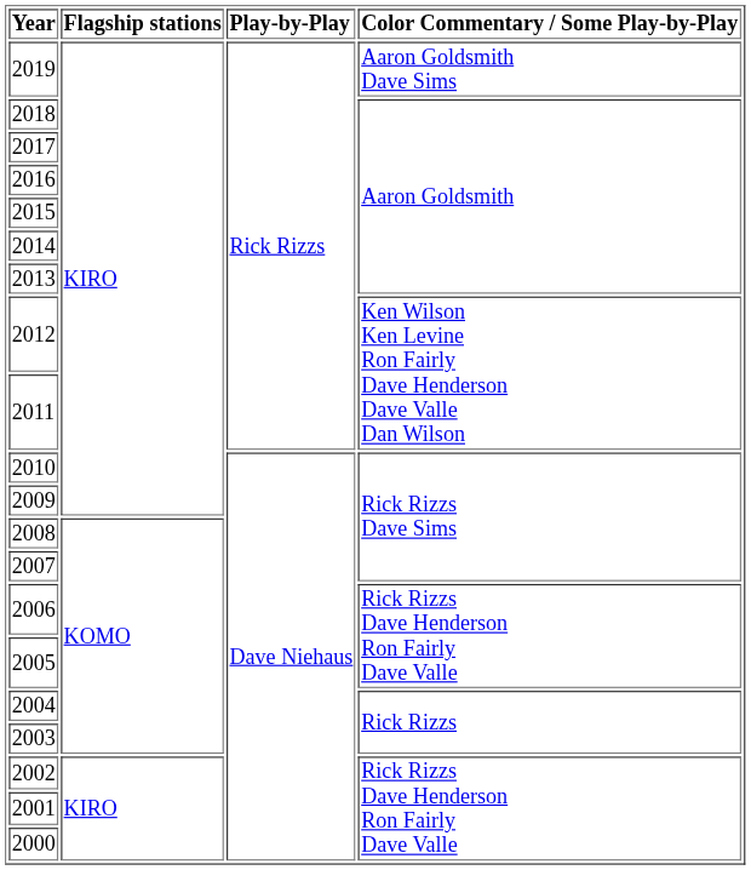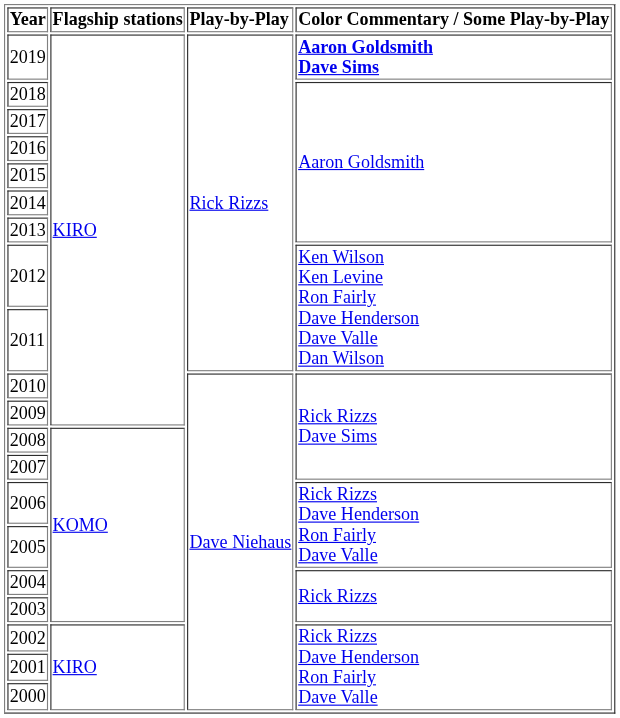 <table border="1" cellpadding="1">
 <tr>
 <td><strong>Year</strong></td>
 <td><strong>Flagship stations</strong></td>
 <td><strong>Play-by-Play</strong></td>
 <td><strong>Color Commentary / Some Play-by-Play</strong></td>
 </tr>
 <tr>
 <td>2019</td>
 <td rowspan=11><a href='#'>KIRO</a></td>
 <td rowspan=9><a href='#'>Rick Rizzs</a></td>
-<td><a href='#'>Aaron Goldsmith</a> <br> <a href='#'>Dave Sims</a></td>
+<td><strong><a href='#'>Aaron Goldsmith</a> <br> <a href='#'>Dave Sims</a></strong></td>
 </tr>
 <tr>
 <td>2018</td>
 <td rowspan=6><a href='#'>Aaron Goldsmith</a></td>
 </tr>
 <tr>
 <td>2017</td>
 </tr>
 <tr>
 <td>2016</td>
 </tr>
 <tr>
 <td>2015</td>
 </tr>
 <tr>
 <td>2014</td>
 </tr>
 <tr>
 <td>2013</td>
 </tr>
 <tr>
 <td>2012</td>
 <td rowspan=2><a href='#'>Ken Wilson</a> <br> <a href='#'>Ken Levine</a> <br> <a href='#'>Ron Fairly</a> <br> <a href='#'>Dave Henderson</a> <br> <a href='#'>Dave Valle</a> <br> <a href='#'>Dan Wilson</a></td>
 </tr>
 <tr>
 <td>2011</td>
 </tr>
 <tr>
 <td>2010</td>
 <td rowspan=11><a href='#'>Dave Niehaus</a></td>
 <td rowspan=4><a href='#'>Rick Rizzs</a> <br> <a href='#'>Dave Sims</a></td>
 </tr>
 <tr>
 <td>2009</td>
 </tr>
 <tr>
 <td>2008</td>
 <td rowspan=6><a href='#'>KOMO</a></td>
 </tr>
 <tr>
 <td>2007</td>
 </tr>
 <tr>
 <td>2006</td>
 <td rowspan=2><a href='#'>Rick Rizzs</a> <br> <a href='#'>Dave Henderson</a> <br> <a href='#'>Ron Fairly</a> <br> <a href='#'>Dave Valle</a></td>
 </tr>
 <tr>
 <td>2005</td>
 </tr>
 <tr>
 <td>2004</td>
 <td rowspan=2><a href='#'>Rick Rizzs</a></td>
 </tr>
 <tr>
 <td>2003</td>
 </tr>
 <tr>
 <td>2002</td>
 <td rowspan=3><a href='#'>KIRO</a></td>
 <td rowspan=3><a href='#'>Rick Rizzs</a> <br> <a href='#'>Dave Henderson</a> <br> <a href='#'>Ron Fairly</a> <br> <a href='#'>Dave Valle</a></td>
 </tr>
 <tr>
 <td>2001</td>
 </tr>
 <tr>
 <td>2000</td>
 </tr>
 </table>
